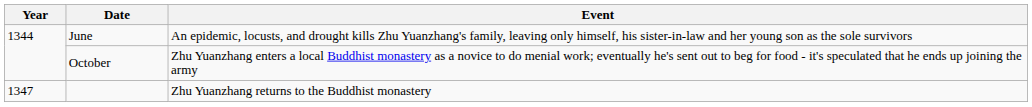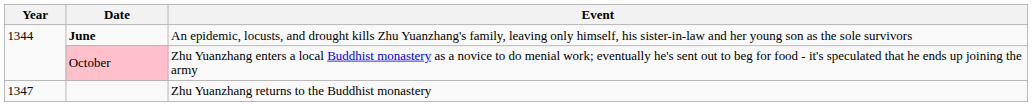 <table class="wikitable" width="100%">
 <tr>
 <th style="width:6%">Year</th>
 <th style="width:10%">Date</th>
 <th>Event</th>
 </tr>
 <tr>
 <td rowspan="2" valign="top">1344</td>
-<td>June</td>
+<td><strong>June</strong></td>
 <td>An epidemic, locusts, and drought kills Zhu Yuanzhang's family, leaving only himself, his sister-in-law and her young son as the sole survivors</td>
 </tr>
 <tr>
-<td>October</td>
+<td style="background: pink;">October</td>
 <td>Zhu Yuanzhang enters a local <a href='#'>Buddhist monastery</a> as a novice to do menial work; eventually he's sent out to beg for food - it's speculated that he ends up joining the army</td>
 </tr>
 <tr>
 <td>1347</td>
 <td></td>
 <td>Zhu Yuanzhang returns to the Buddhist monastery</td>
 </tr>
 </table>
